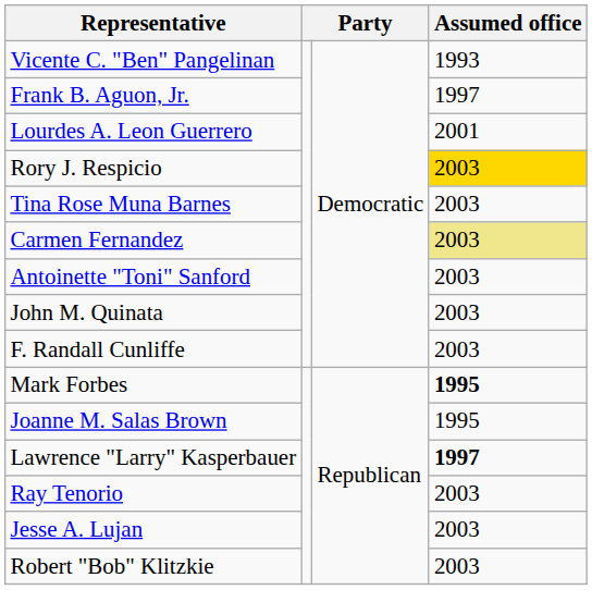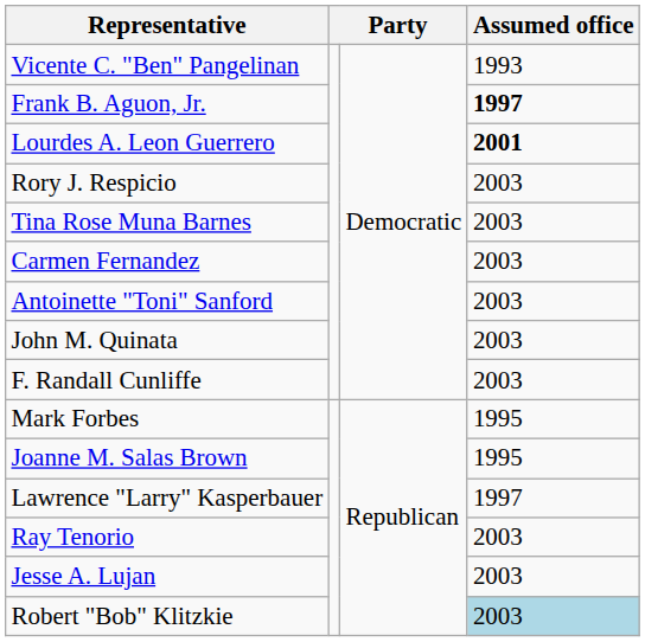 <table class="wikitable sortable" id="votingmembers">
 <tr style="vertical-align:bottom;">
 <th>Representative</th>
 <th colspan=2>Party</th>
 <th>Assumed office</th>
 </tr>
 <tr>
 <td><a href='#'>Vicente C. "Ben" Pangelinan</a></td>
 <td rowspan="9" style="background-color:"></td>
 <td rowspan="9">Democratic</td>
 <td>1993</td>
 </tr>
 <tr>
 <td><a href='#'>Frank B. Aguon, Jr.</a></td>
-<td>1997</td>
+<td><strong>1997</strong></td>
 </tr>
 <tr>
 <td><a href='#'>Lourdes A. Leon Guerrero</a></td>
-<td>2001</td>
+<td><strong>2001</strong></td>
 </tr>
 <tr>
 <td>Rory J. Respicio</td>
-<td style="background: gold;">2003</td>
+<td>2003</td>
 </tr>
 <tr>
 <td><a href='#'>Tina Rose Muna Barnes</a></td>
 <td>2003</td>
 </tr>
 <tr>
 <td><a href='#'>Carmen Fernandez</a></td>
-<td style="background: khaki;">2003</td>
+<td>2003</td>
 </tr>
 <tr>
 <td><a href='#'>Antoinette "Toni" Sanford</a></td>
 <td>2003</td>
 </tr>
 <tr>
 <td>John M. Quinata</td>
 <td>2003</td>
 </tr>
 <tr>
 <td>F. Randall Cunliffe</td>
 <td>2003</td>
 </tr>
 <tr>
 <td>Mark Forbes</td>
 <td rowspan="6" style="background-color:"></td>
 <td rowspan="6">Republican</td>
-<td><strong>1995</strong></td>
+<td>1995</td>
 </tr>
 <tr>
 <td><a href='#'>Joanne M. Salas Brown</a></td>
 <td>1995</td>
 </tr>
 <tr>
 <td>Lawrence "Larry" Kasperbauer</td>
-<td><strong>1997</strong></td>
+<td>1997</td>
 </tr>
 <tr>
 <td><a href='#'>Ray Tenorio</a></td>
 <td>2003</td>
 </tr>
 <tr>
 <td><a href='#'>Jesse A. Lujan</a></td>
 <td>2003</td>
 </tr>
 <tr>
 <td>Robert "Bob" Klitzkie</td>
-<td>2003</td>
+<td style="background: lightblue;">2003</td>
 </tr>
 </table>
